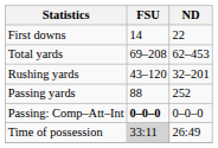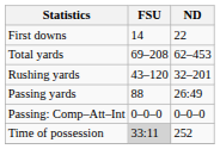 <table class="wikitable" style="float: left;">
 <tr>
 <th>Statistics</th>
 <th>FSU</th>
 <th>ND</th>
 </tr>
 <tr>
 <td>First downs</td>
 <td>14</td>
 <td>22</td>
 </tr>
 <tr>
 <td>Total yards</td>
 <td>69–208</td>
 <td>62–453</td>
 </tr>
 <tr>
 <td>Rushing yards</td>
 <td>43–120</td>
 <td>32–201</td>
 </tr>
 <tr>
 <td>Passing yards</td>
 <td>88</td>
-<td>252</td>
+<td>26:49</td>
 </tr>
 <tr>
 <td>Passing: Comp–Att–Int</td>
-<td><strong>0–0–0</strong></td>
+<td>0–0–0</td>
 <td>0–0–0</td>
 </tr>
 <tr>
 <td>Time of possession</td>
 <td style="background: lightgrey;">33:11</td>
-<td>26:49</td>
+<td>252</td>
 </tr>
 <tr>
 </tr>
 </table>
